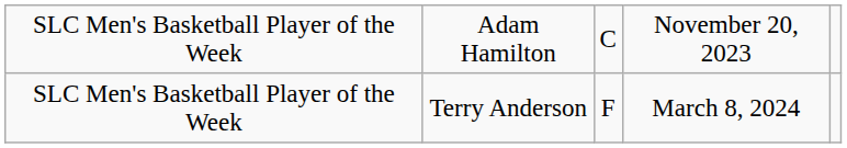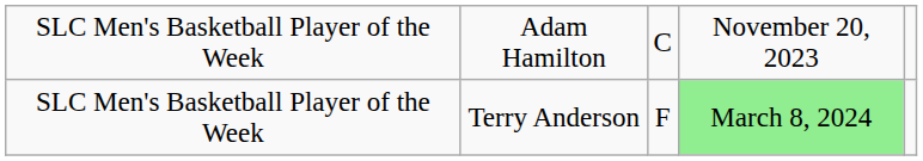 <table class="wikitable" style="width: 60%;text-align: center;">
 <tr align="center">
 <td rowspan="1">SLC Men's Basketball Player of the Week</td>
 <td>Adam Hamilton</td>
 <td>C</td>
 <td>November 20, 2023</td>
 <td></td>
 </tr>
 <tr align="center">
 <td rowspan="1">SLC Men's Basketball Player of the Week</td>
 <td>Terry Anderson</td>
 <td>F</td>
-<td>March 8, 2024</td>
+<td style="background: lightgreen;">March 8, 2024</td>
 <td></td>
 </tr>
 </table>
